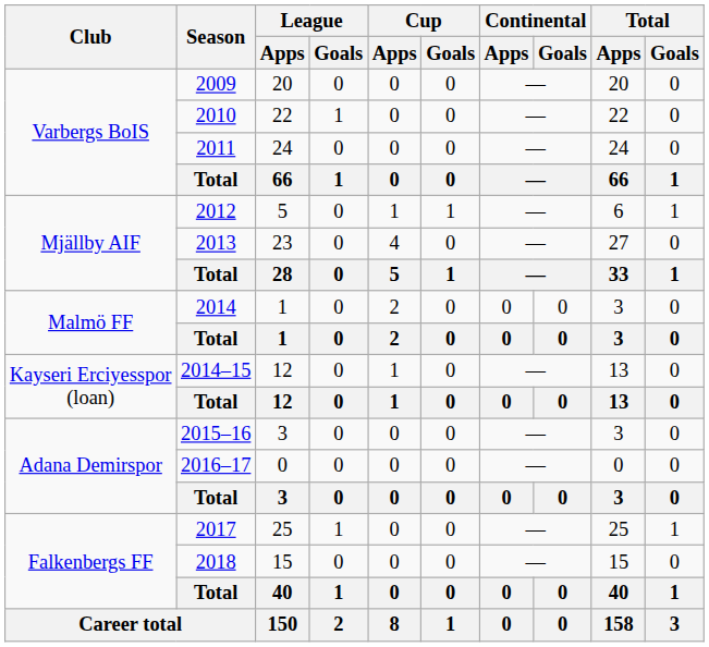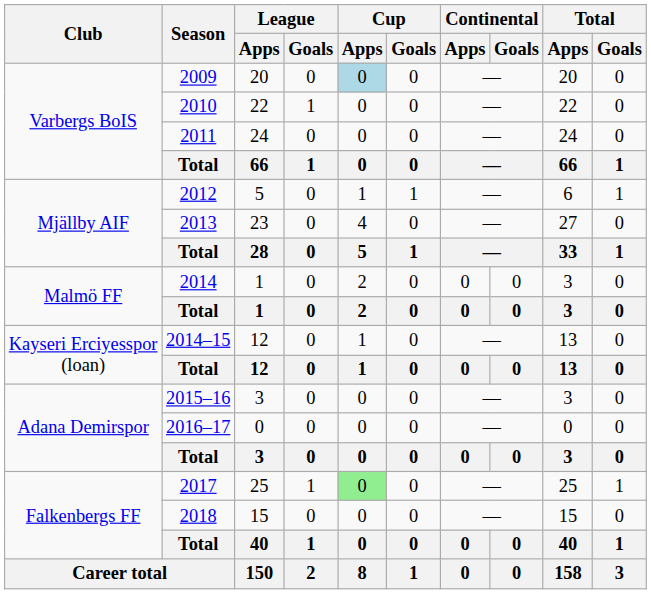 <table class="wikitable" style="text-align:center;">
 <tr>
 <th rowspan="2">Club</th>
 <th rowspan="2">Season</th>
 <th colspan="2">League</th>
 <th colspan="2">Cup</th>
 <th colspan="2">Continental</th>
 <th colspan="2">Total</th>
 </tr>
 <tr>
 <th>Apps</th>
 <th>Goals</th>
 <th>Apps</th>
 <th>Goals</th>
 <th>Apps</th>
 <th>Goals</th>
 <th>Apps</th>
 <th>Goals</th>
 </tr>
 <tr>
 <td rowspan="4"><a href='#'>Varbergs BoIS</a></td>
 <td><a href='#'>2009</a></td>
 <td>20</td>
 <td>0</td>
-<td>0</td>
+<td style="background: lightblue;">0</td>
 <td>0</td>
 <td colspan="2">—</td>
 <td>20</td>
 <td>0</td>
 </tr>
 <tr>
 <td><a href='#'>2010</a></td>
 <td>22</td>
 <td>1</td>
 <td>0</td>
 <td>0</td>
 <td colspan="2">—</td>
 <td>22</td>
 <td>0</td>
 </tr>
 <tr>
 <td><a href='#'>2011</a></td>
 <td>24</td>
 <td>0</td>
 <td>0</td>
 <td>0</td>
 <td colspan="2">—</td>
 <td>24</td>
 <td>0</td>
 </tr>
 <tr>
 <th>Total</th>
 <th>66</th>
 <th>1</th>
 <th>0</th>
 <th>0</th>
 <th colspan="2">—</th>
 <th>66</th>
 <th>1</th>
 </tr>
 <tr>
 <td rowspan="3"><a href='#'>Mjällby AIF</a></td>
 <td><a href='#'>2012</a></td>
 <td>5</td>
 <td>0</td>
 <td>1</td>
 <td>1</td>
 <td colspan="2">—</td>
 <td>6</td>
 <td>1</td>
 </tr>
 <tr>
 <td><a href='#'>2013</a></td>
 <td>23</td>
 <td>0</td>
 <td>4</td>
 <td>0</td>
 <td colspan="2">—</td>
 <td>27</td>
 <td>0</td>
 </tr>
 <tr>
 <th>Total</th>
 <th>28</th>
 <th>0</th>
 <th>5</th>
 <th>1</th>
 <th colspan="2">—</th>
 <th>33</th>
 <th>1</th>
 </tr>
 <tr>
 <td rowspan="2"><a href='#'>Malmö FF</a></td>
 <td><a href='#'>2014</a></td>
 <td>1</td>
 <td>0</td>
 <td>2</td>
 <td>0</td>
 <td>0</td>
 <td>0</td>
 <td>3</td>
 <td>0</td>
 </tr>
 <tr>
 <th>Total</th>
 <th>1</th>
 <th>0</th>
 <th>2</th>
 <th>0</th>
 <th>0</th>
 <th>0</th>
 <th>3</th>
 <th>0</th>
 </tr>
 <tr>
 <td rowspan="2"><a href='#'>Kayseri Erciyesspor</a><br>(loan)</td>
 <td><a href='#'>2014–15</a></td>
 <td>12</td>
 <td>0</td>
 <td>1</td>
 <td>0</td>
 <td colspan="2">—</td>
 <td>13</td>
 <td>0</td>
 </tr>
 <tr>
 <th>Total</th>
 <th>12</th>
 <th>0</th>
 <th>1</th>
 <th>0</th>
 <th>0</th>
 <th>0</th>
 <th>13</th>
 <th>0</th>
 </tr>
 <tr>
 <td rowspan="3"><a href='#'>Adana Demirspor</a></td>
 <td><a href='#'>2015–16</a></td>
 <td>3</td>
 <td>0</td>
 <td>0</td>
 <td>0</td>
 <td colspan="2">—</td>
 <td>3</td>
 <td>0</td>
 </tr>
 <tr>
 <td><a href='#'>2016–17</a></td>
 <td>0</td>
 <td>0</td>
 <td>0</td>
 <td>0</td>
 <td colspan="2">—</td>
 <td>0</td>
 <td>0</td>
 </tr>
 <tr>
 <th>Total</th>
 <th>3</th>
 <th>0</th>
 <th>0</th>
 <th>0</th>
 <th>0</th>
 <th>0</th>
 <th>3</th>
 <th>0</th>
 </tr>
 <tr>
 <td rowspan="3"><a href='#'>Falkenbergs FF</a></td>
 <td><a href='#'>2017</a></td>
 <td>25</td>
 <td>1</td>
-<td>0</td>
+<td style="background: lightgreen;">0</td>
 <td>0</td>
 <td colspan="2">—</td>
 <td>25</td>
 <td>1</td>
 </tr>
 <tr>
 <td><a href='#'>2018</a></td>
 <td>15</td>
 <td>0</td>
 <td>0</td>
 <td>0</td>
 <td colspan="2">—</td>
 <td>15</td>
 <td>0</td>
 </tr>
 <tr>
 <th>Total</th>
 <th>40</th>
 <th>1</th>
 <th>0</th>
 <th>0</th>
 <th>0</th>
 <th>0</th>
 <th>40</th>
 <th>1</th>
 </tr>
 <tr>
 <th colspan="2">Career total</th>
 <th>150</th>
 <th>2</th>
 <th>8</th>
 <th>1</th>
 <th>0</th>
 <th>0</th>
 <th>158</th>
 <th>3</th>
 </tr>
 </table>
